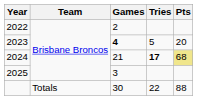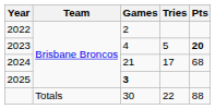 <table class="wikitable">
 <tr>
 <th>Year</th>
 <th>Team</th>
 <th>Games</th>
 <th>Tries</th>
 <th>Pts</th>
 </tr>
 <tr>
 <td>2022</td>
 <td rowspan="4"> <a href='#'>Brisbane Broncos</a></td>
 <td>2</td>
 <td></td>
 <td></td>
 </tr>
 <tr>
 <td>2023</td>
-<td><strong>4</strong></td>
+<td>4</td>
 <td>5</td>
-<td>20</td>
+<td><strong>20</strong></td>
 </tr>
 <tr>
 <td>2024</td>
 <td>21</td>
-<td><strong>17</strong></td>
-<td style="background: khaki;">68</td>
+<td>17</td>
+<td>68</td>
 </tr>
 <tr>
 <td>2025</td>
-<td>3</td>
+<td><strong>3</strong></td>
 <td></td>
 <td></td>
 </tr>
 <tr>
 <td></td>
 <td>Totals</td>
 <td>30</td>
 <td>22</td>
 <td>88</td>
 </tr>
 </table>
